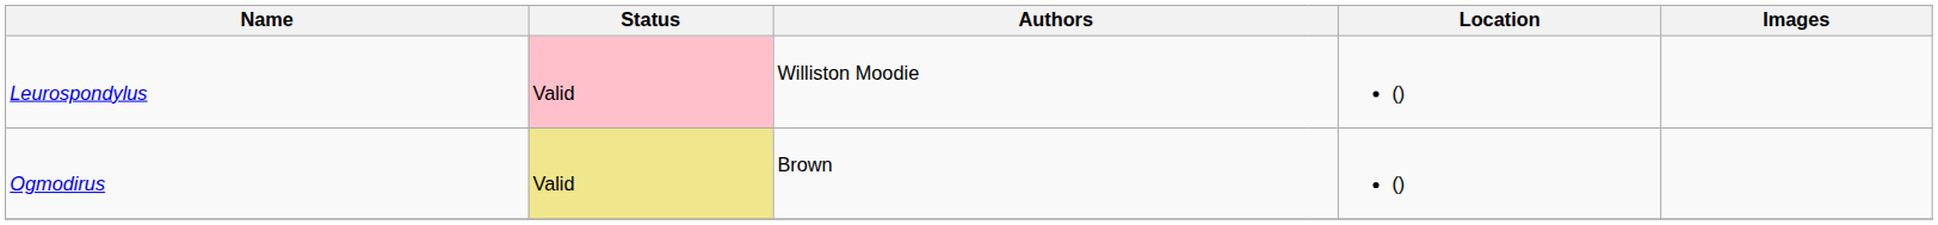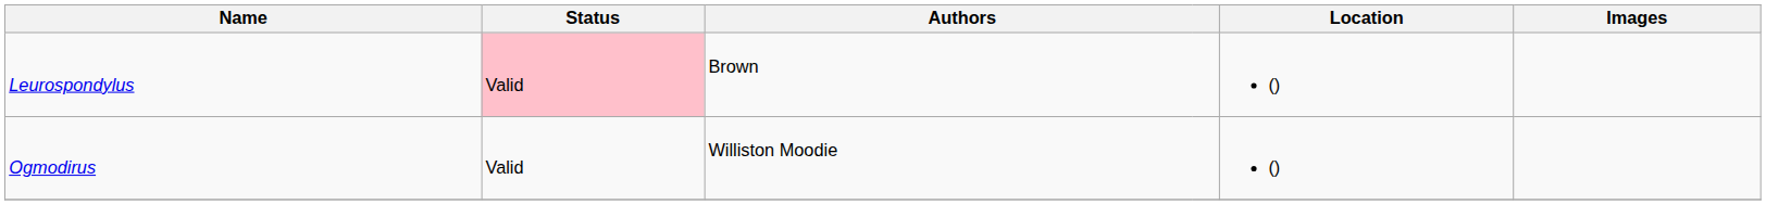 <table class="wikitable sortable" align="center" width="100%">
 <tr>
 <th>Name</th>
 <th>Status</th>
 <th colspan="2">Authors</th>
 <th>Location</th>
 <th>Images</th>
 </tr>
 <tr>
 <td><br><em><a href='#'>Leurospondylus</a></em></td>
 <td style="background: pink;"><br>Valid</td>
-<td style="border-right:0px" valign="top"><br>Williston Moodie</td>
+<td style="border-right:0px" valign="top"><br>Brown</td>
 <td style="border-left:0px" valign="top"></td>
 <td><br><ul><li> ()</li></ul></td>
 <td></td>
 </tr>
 <tr>
 <td><br><em><a href='#'>Ogmodirus</a></em></td>
-<td style="background: khaki;"><br>Valid</td>
-<td style="border-right:0px" valign="top"><br>Brown</td>
+<td><br>Valid</td>
+<td style="border-right:0px" valign="top"><br>Williston Moodie</td>
 <td style="border-left:0px" valign="top"></td>
 <td><br><ul><li> ()</li></ul></td>
 <td></td>
 </tr>
 <tr>
 </tr>
 </table>
